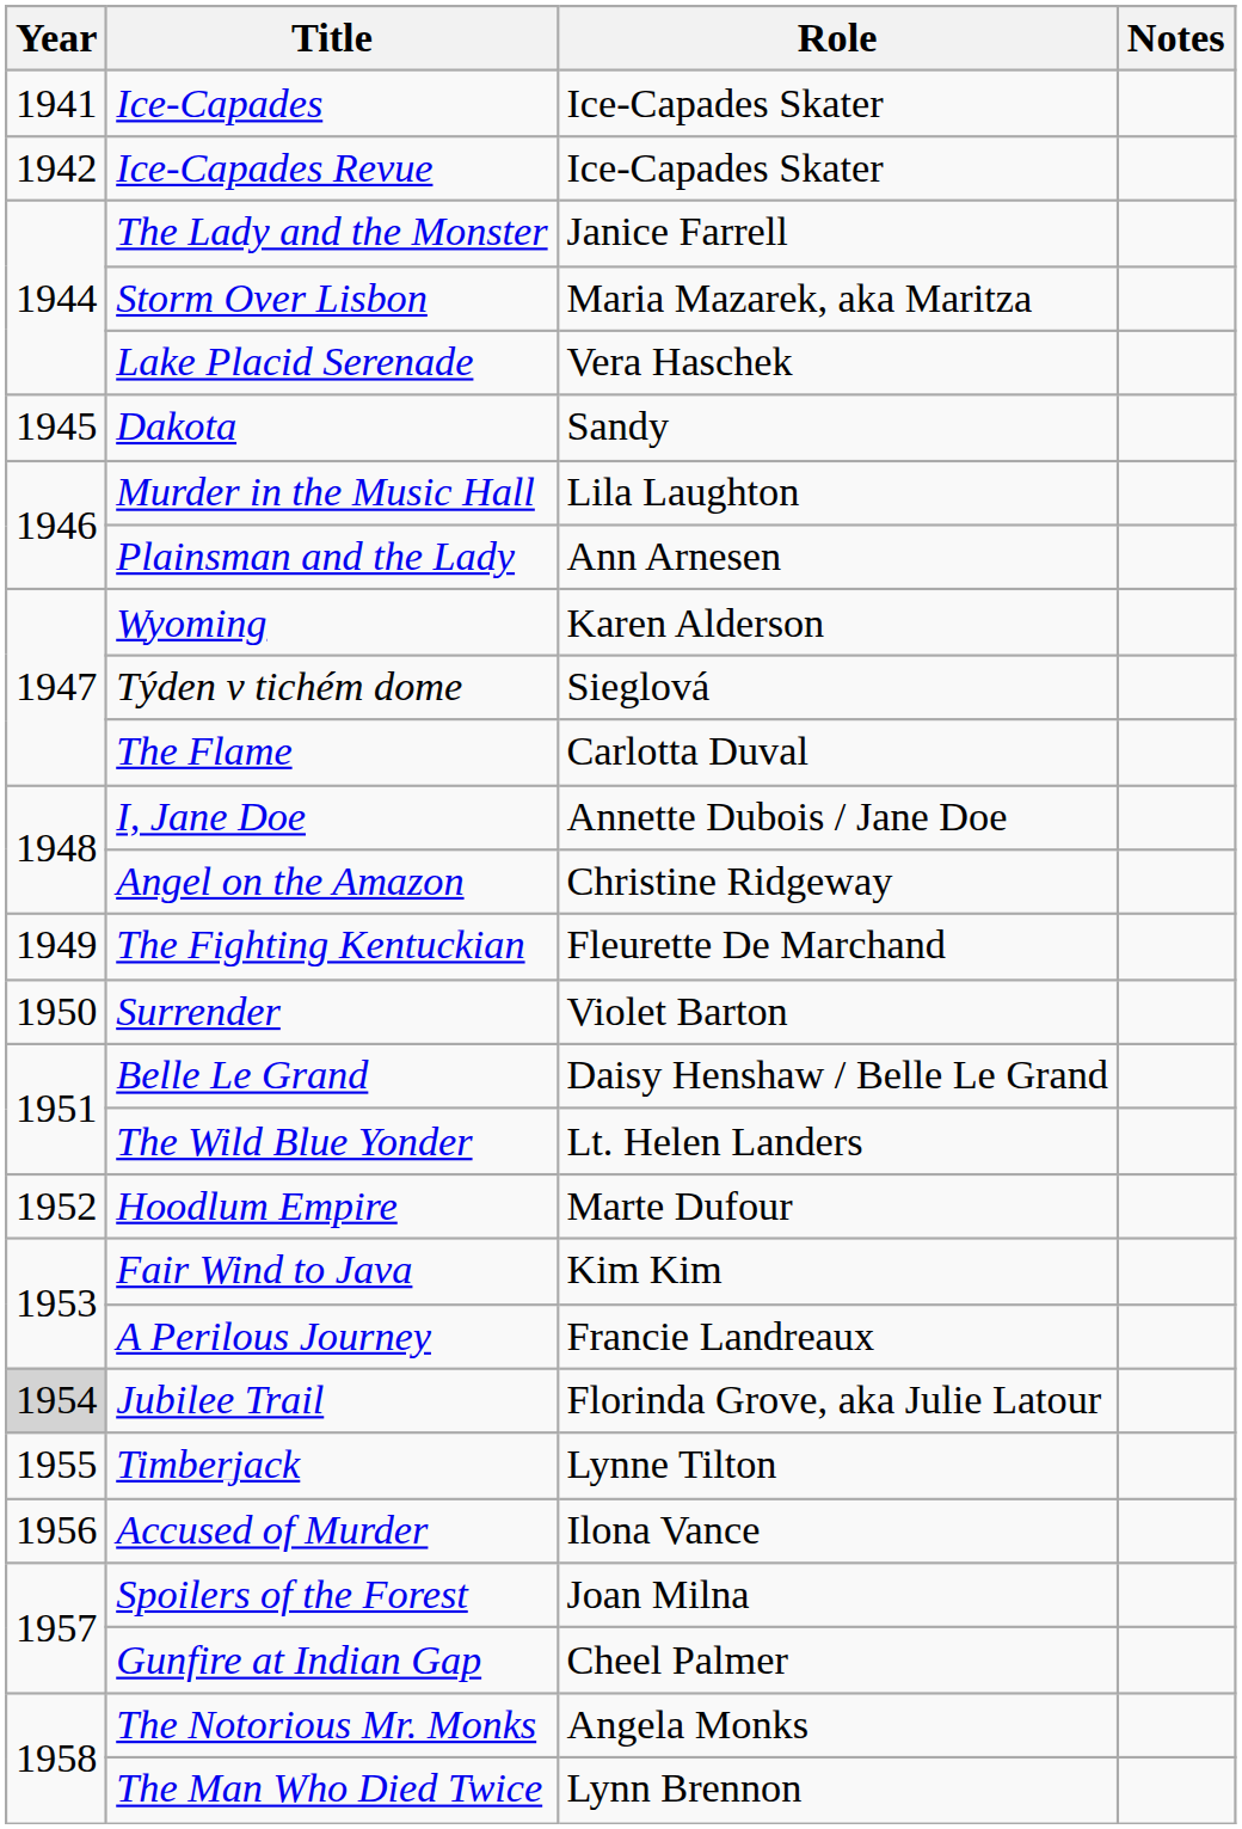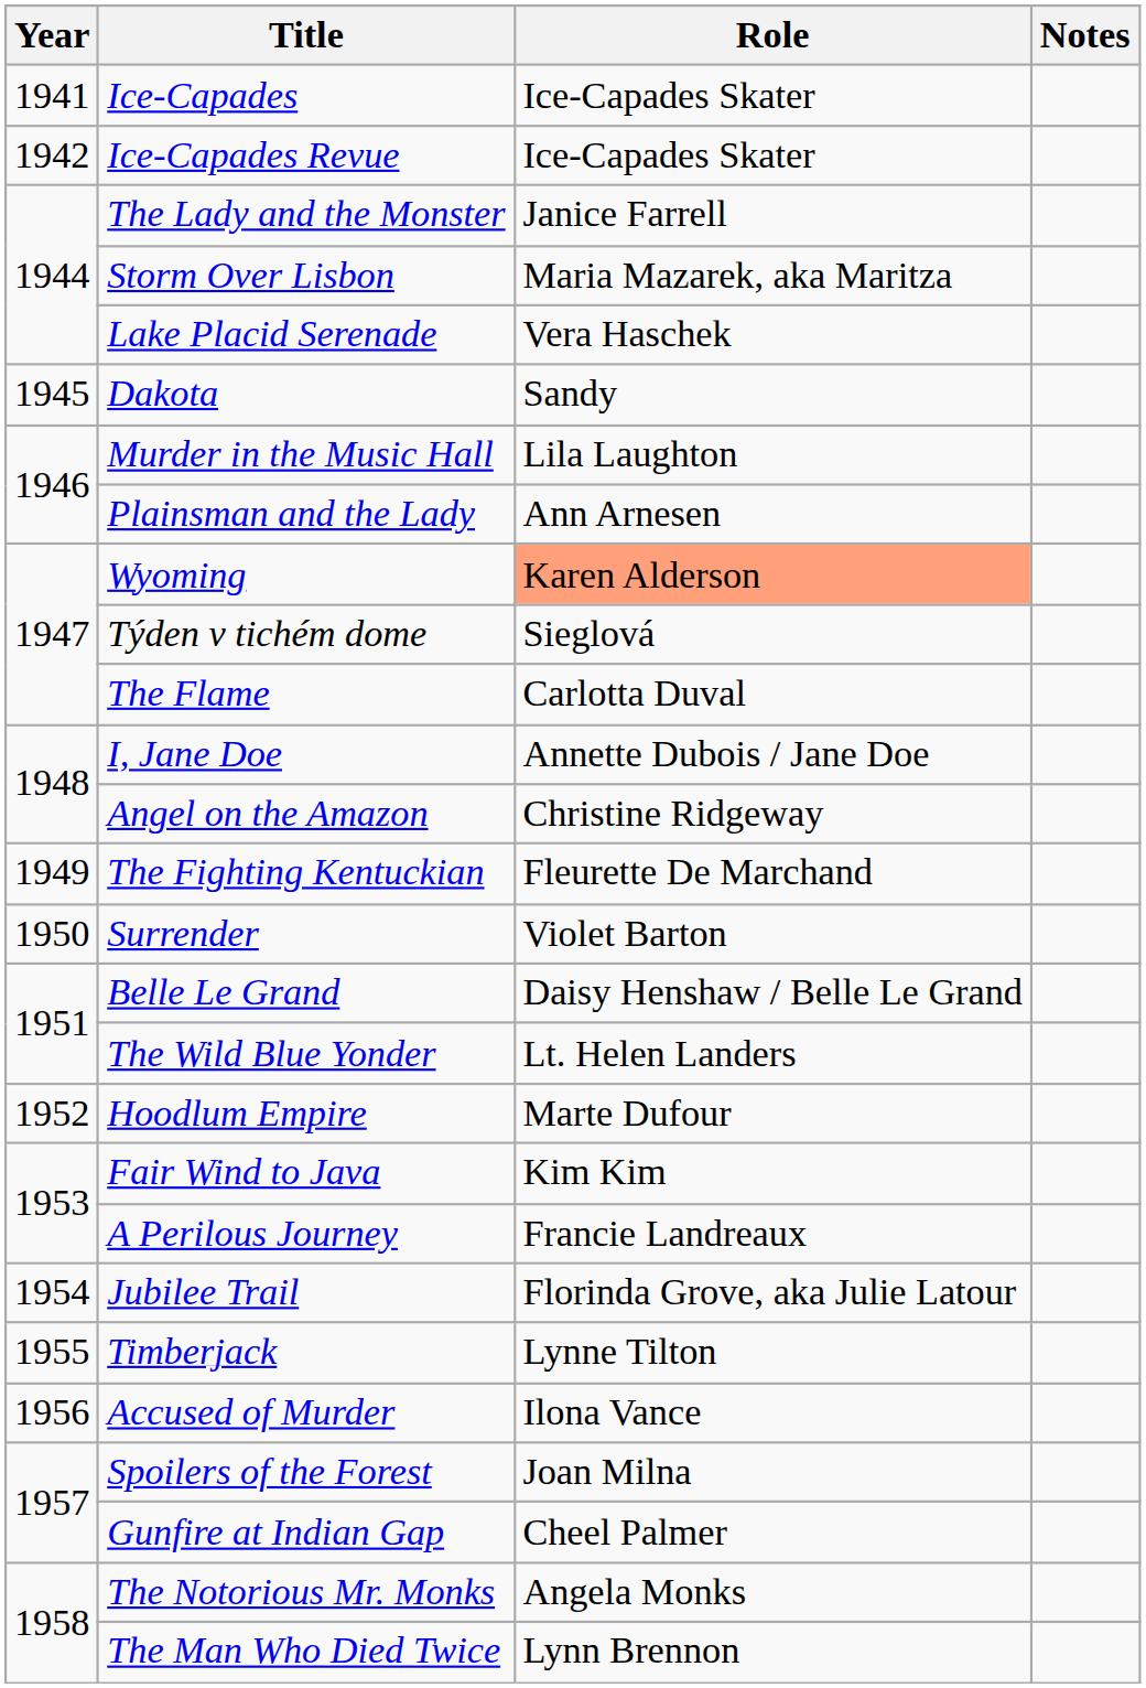 <table class="wikitable">
 <tr>
 <th>Year</th>
 <th>Title</th>
 <th>Role</th>
 <th>Notes</th>
 </tr>
 <tr>
 <td>1941</td>
 <td><em><a href='#'>Ice-Capades</a></em></td>
 <td>Ice-Capades Skater</td>
 <td></td>
 </tr>
 <tr>
 <td>1942</td>
 <td><em><a href='#'>Ice-Capades Revue</a></em></td>
 <td>Ice-Capades Skater</td>
 <td></td>
 </tr>
 <tr>
 <td rowspan=3>1944</td>
 <td><em><a href='#'>The Lady and the Monster</a></em></td>
 <td>Janice Farrell</td>
 <td></td>
 </tr>
 <tr>
 <td><em><a href='#'>Storm Over Lisbon</a></em></td>
 <td>Maria Mazarek, aka Maritza</td>
 <td></td>
 </tr>
 <tr>
 <td><em><a href='#'>Lake Placid Serenade</a></em></td>
 <td>Vera Haschek</td>
 <td></td>
 </tr>
 <tr>
 <td>1945</td>
 <td><em><a href='#'>Dakota</a></em></td>
 <td>Sandy</td>
 <td></td>
 </tr>
 <tr>
 <td rowspan=2>1946</td>
 <td><em><a href='#'>Murder in the Music Hall</a></em></td>
 <td>Lila Laughton</td>
 <td></td>
 </tr>
 <tr>
 <td><em><a href='#'>Plainsman and the Lady</a></em></td>
 <td>Ann Arnesen</td>
 <td></td>
 </tr>
 <tr>
 <td rowspan=3>1947</td>
 <td><em><a href='#'>Wyoming</a></em></td>
-<td>Karen Alderson</td>
+<td style="background: lightsalmon;">Karen Alderson</td>
 <td></td>
 </tr>
 <tr>
 <td><em>Týden v tichém dome</em></td>
 <td>Sieglová</td>
 <td></td>
 </tr>
 <tr>
 <td><em><a href='#'>The Flame</a></em></td>
 <td>Carlotta Duval</td>
 <td></td>
 </tr>
 <tr>
 <td rowspan=2>1948</td>
 <td><em><a href='#'>I, Jane Doe</a></em></td>
 <td>Annette Dubois / Jane Doe</td>
 <td></td>
 </tr>
 <tr>
 <td><em><a href='#'>Angel on the Amazon</a></em></td>
 <td>Christine Ridgeway</td>
 <td></td>
 </tr>
 <tr>
 <td>1949</td>
 <td><em><a href='#'>The Fighting Kentuckian</a></em></td>
 <td>Fleurette De Marchand</td>
 <td></td>
 </tr>
 <tr>
 <td>1950</td>
 <td><em><a href='#'>Surrender</a></em></td>
 <td>Violet Barton</td>
 <td></td>
 </tr>
 <tr>
 <td rowspan=2>1951</td>
 <td><em><a href='#'>Belle Le Grand</a></em></td>
 <td>Daisy Henshaw / Belle Le Grand</td>
 <td></td>
 </tr>
 <tr>
 <td><em><a href='#'>The Wild Blue Yonder</a></em></td>
 <td>Lt. Helen Landers</td>
 <td></td>
 </tr>
 <tr>
 <td>1952</td>
 <td><em><a href='#'>Hoodlum Empire</a></em></td>
 <td>Marte Dufour</td>
 <td></td>
 </tr>
 <tr>
 <td rowspan=2>1953</td>
 <td><em><a href='#'>Fair Wind to Java</a></em></td>
 <td>Kim Kim</td>
 <td></td>
 </tr>
 <tr>
 <td><em><a href='#'>A Perilous Journey</a></em></td>
 <td>Francie Landreaux</td>
 <td></td>
 </tr>
 <tr>
-<td style="background: lightgrey;">1954</td>
+<td>1954</td>
 <td><em><a href='#'>Jubilee Trail</a></em></td>
 <td>Florinda Grove, aka Julie Latour</td>
 <td></td>
 </tr>
 <tr>
 <td>1955</td>
 <td><em><a href='#'>Timberjack</a></em></td>
 <td>Lynne Tilton</td>
 <td></td>
 </tr>
 <tr>
 <td>1956</td>
 <td><em><a href='#'>Accused of Murder</a></em></td>
 <td>Ilona Vance</td>
 <td></td>
 </tr>
 <tr>
 <td rowspan=2>1957</td>
 <td><em><a href='#'>Spoilers of the Forest</a></em></td>
 <td>Joan Milna</td>
 <td></td>
 </tr>
 <tr>
 <td><em><a href='#'>Gunfire at Indian Gap</a></em></td>
 <td>Cheel Palmer</td>
 <td></td>
 </tr>
 <tr>
 <td rowspan=2>1958</td>
 <td><em><a href='#'>The Notorious Mr. Monks</a></em></td>
 <td>Angela Monks</td>
 <td></td>
 </tr>
 <tr>
 <td><em><a href='#'>The Man Who Died Twice</a></em></td>
 <td>Lynn Brennon</td>
 <td></td>
 </tr>
 </table>
